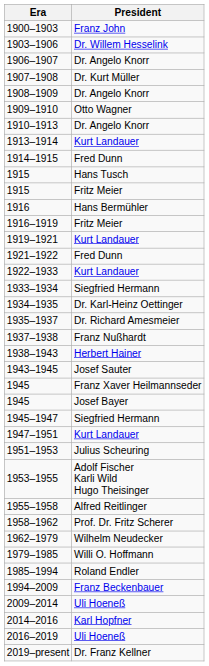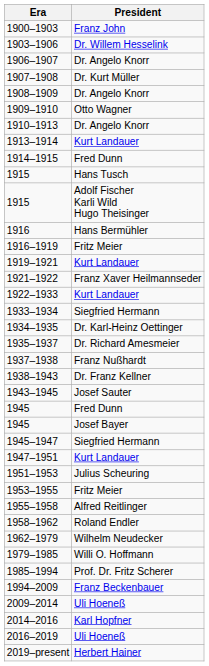 <table class="wikitable">
 <tr>
 <th>Era</th>
 <th>President</th>
 </tr>
 <tr>
 <td>1900–1903</td>
 <td><a href='#'>Franz John</a></td>
 </tr>
 <tr>
 <td>1903–1906</td>
 <td><a href='#'>Dr. Willem Hesselink</a></td>
 </tr>
 <tr>
 <td>1906–1907</td>
 <td>Dr. Angelo Knorr</td>
 </tr>
 <tr>
 <td>1907–1908</td>
 <td>Dr. Kurt Müller</td>
 </tr>
 <tr>
 <td>1908–1909</td>
 <td>Dr. Angelo Knorr</td>
 </tr>
 <tr>
 <td>1909–1910</td>
 <td>Otto Wagner</td>
 </tr>
 <tr>
 <td>1910–1913</td>
 <td>Dr. Angelo Knorr</td>
 </tr>
 <tr>
 <td>1913–1914</td>
 <td><a href='#'>Kurt Landauer</a></td>
 </tr>
 <tr>
 <td>1914–1915</td>
 <td>Fred Dunn</td>
 </tr>
 <tr>
 <td>1915</td>
 <td>Hans Tusch</td>
 </tr>
 <tr>
 <td>1915</td>
-<td>Fritz Meier</td>
+<td>Adolf Fischer<br>Karli Wild<br>Hugo Theisinger</td>
 </tr>
 <tr>
 <td>1916</td>
 <td>Hans Bermühler</td>
 </tr>
 <tr>
 <td>1916–1919</td>
 <td>Fritz Meier</td>
 </tr>
 <tr>
 <td>1919–1921</td>
 <td><a href='#'>Kurt Landauer</a></td>
 </tr>
 <tr>
 <td>1921–1922</td>
-<td>Fred Dunn</td>
+<td>Franz Xaver Heilmannseder</td>
 </tr>
 <tr>
 <td>1922–1933</td>
 <td><a href='#'>Kurt Landauer</a></td>
 </tr>
 <tr>
 <td>1933–1934</td>
 <td>Siegfried Hermann</td>
 </tr>
 <tr>
 <td>1934–1935</td>
 <td>Dr. Karl-Heinz Oettinger</td>
 </tr>
 <tr>
 <td>1935–1937</td>
 <td>Dr. Richard Amesmeier</td>
 </tr>
 <tr>
 <td>1937–1938</td>
 <td>Franz Nußhardt</td>
 </tr>
 <tr>
 <td>1938–1943</td>
-<td><a href='#'>Herbert Hainer</a></td>
+<td>Dr. Franz Kellner</td>
 </tr>
 <tr>
 <td>1943–1945</td>
 <td>Josef Sauter</td>
 </tr>
 <tr>
 <td>1945</td>
-<td>Franz Xaver Heilmannseder</td>
+<td>Fred Dunn</td>
 </tr>
 <tr>
 <td>1945</td>
 <td>Josef Bayer</td>
 </tr>
 <tr>
 <td>1945–1947</td>
 <td>Siegfried Hermann</td>
 </tr>
 <tr>
 <td>1947–1951</td>
 <td><a href='#'>Kurt Landauer</a></td>
 </tr>
 <tr>
 <td>1951–1953</td>
 <td>Julius Scheuring</td>
 </tr>
 <tr>
 <td>1953–1955</td>
-<td>Adolf Fischer<br>Karli Wild<br>Hugo Theisinger</td>
+<td>Fritz Meier</td>
 </tr>
 <tr>
 <td>1955–1958</td>
 <td>Alfred Reitlinger</td>
 </tr>
 <tr>
 <td>1958–1962</td>
-<td>Prof. Dr. Fritz Scherer</td>
+<td>Roland Endler</td>
 </tr>
 <tr>
 <td>1962–1979</td>
 <td>Wilhelm Neudecker</td>
 </tr>
 <tr>
 <td>1979–1985</td>
 <td>Willi O. Hoffmann</td>
 </tr>
 <tr>
 <td>1985–1994</td>
-<td>Roland Endler</td>
+<td>Prof. Dr. Fritz Scherer</td>
 </tr>
 <tr>
 <td>1994–2009</td>
 <td><a href='#'>Franz Beckenbauer</a></td>
 </tr>
 <tr>
 <td>2009–2014</td>
 <td><a href='#'>Uli Hoeneß</a></td>
 </tr>
 <tr>
 <td>2014–2016</td>
 <td><a href='#'>Karl Hopfner</a></td>
 </tr>
 <tr>
 <td>2016–2019</td>
 <td><a href='#'>Uli Hoeneß</a></td>
 </tr>
 <tr>
 <td>2019–present</td>
-<td>Dr. Franz Kellner</td>
+<td><a href='#'>Herbert Hainer</a></td>
 </tr>
 </table>
